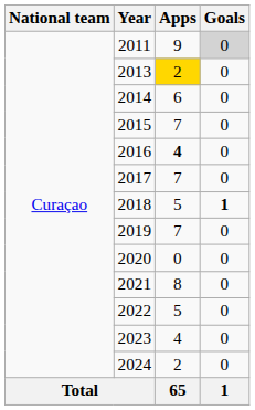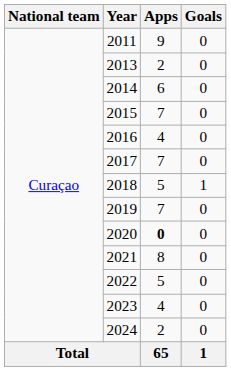 <table class="wikitable" style="text-align:center">
 <tr>
 <th>National team</th>
 <th>Year</th>
 <th>Apps</th>
 <th>Goals</th>
 </tr>
 <tr>
 <td rowspan=13><a href='#'>Curaçao</a></td>
 <td>2011</td>
 <td>9</td>
-<td style="background: lightgrey;">0</td>
+<td>0</td>
 </tr>
 <tr>
 <td>2013</td>
-<td style="background: gold;">2</td>
+<td>2</td>
 <td>0</td>
 </tr>
 <tr>
 <td>2014</td>
 <td>6</td>
 <td>0</td>
 </tr>
 <tr>
 <td>2015</td>
 <td>7</td>
 <td>0</td>
 </tr>
 <tr>
 <td>2016</td>
-<td><strong>4</strong></td>
+<td>4</td>
 <td>0</td>
 </tr>
 <tr>
 <td>2017</td>
 <td>7</td>
 <td>0</td>
 </tr>
 <tr>
 <td>2018</td>
 <td>5</td>
-<td><strong>1</strong></td>
+<td>1</td>
 </tr>
 <tr>
 <td>2019</td>
 <td>7</td>
 <td>0</td>
 </tr>
 <tr>
 <td>2020</td>
-<td>0</td>
+<td><strong>0</strong></td>
 <td>0</td>
 </tr>
 <tr>
 <td>2021</td>
 <td>8</td>
 <td>0</td>
 </tr>
 <tr>
 <td>2022</td>
 <td>5</td>
 <td>0</td>
 </tr>
 <tr>
 <td>2023</td>
 <td>4</td>
 <td>0</td>
 </tr>
 <tr>
 <td>2024</td>
 <td>2</td>
 <td>0</td>
 </tr>
 <tr>
 <th colspan=2>Total</th>
 <th>65</th>
 <th>1</th>
 </tr>
 </table>
